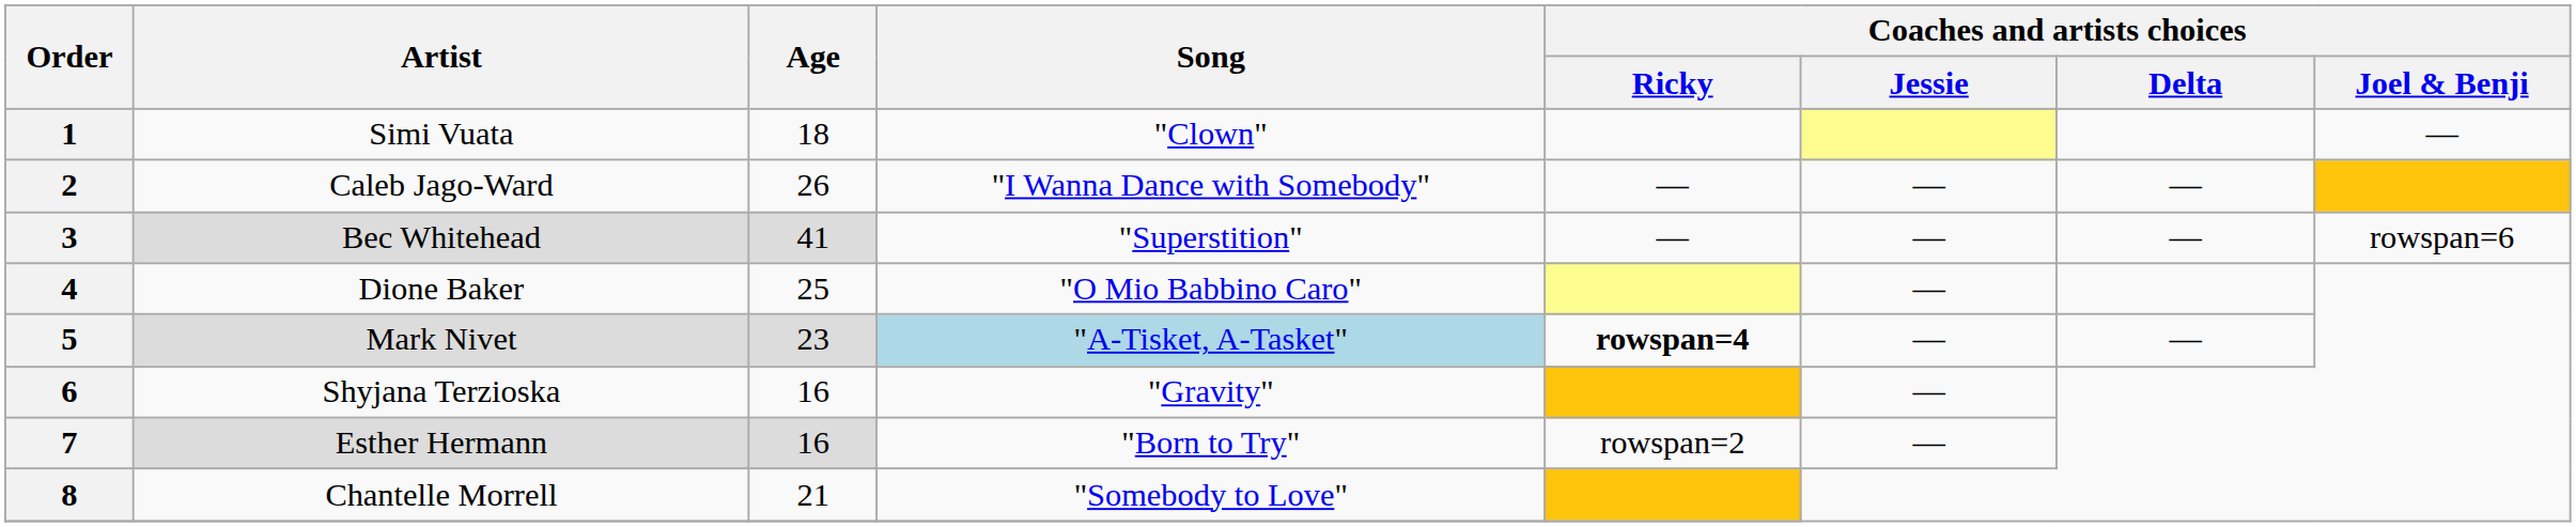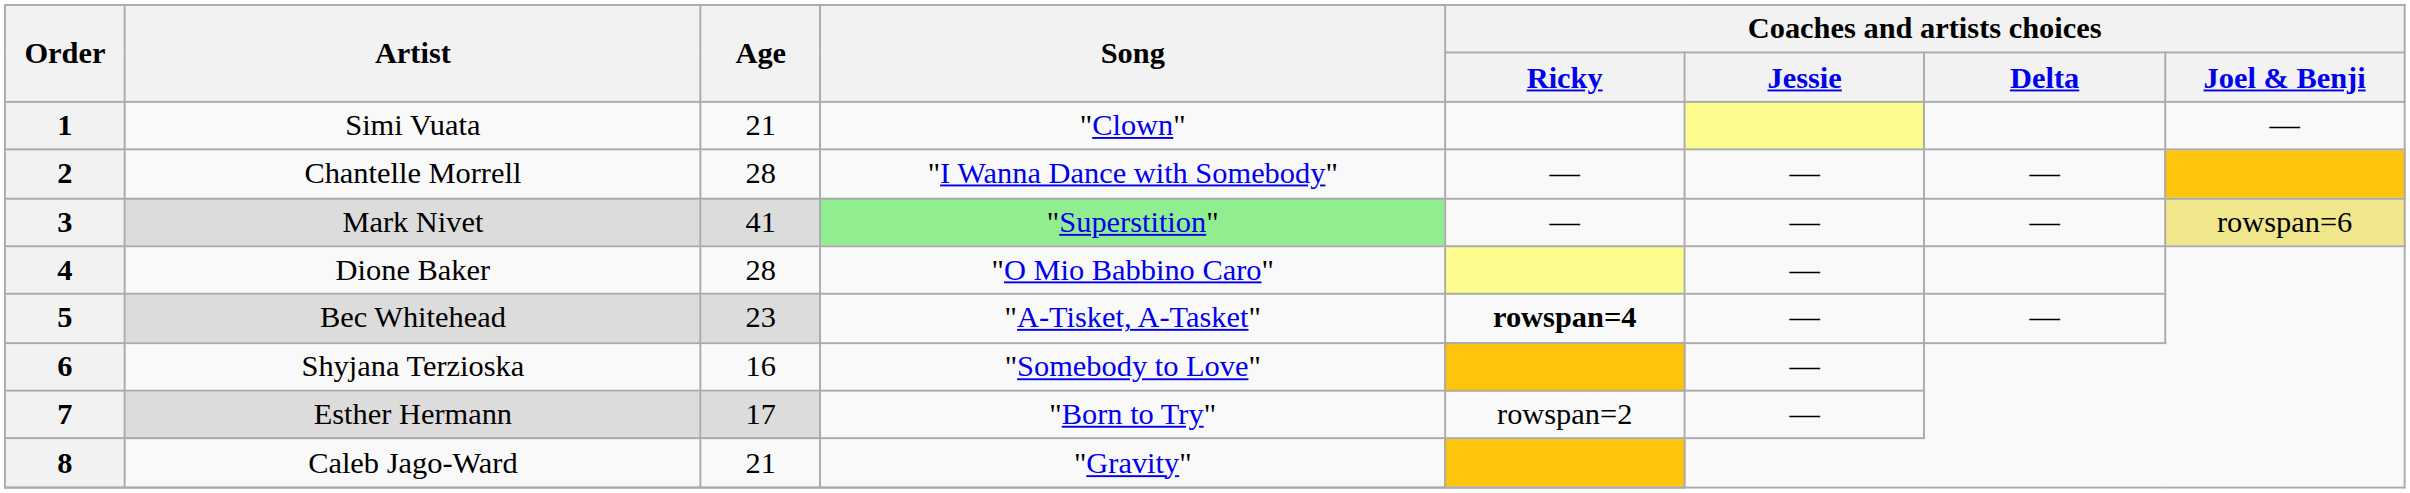 <table class="wikitable" style="text-align:center; width:100%;">
 <tr>
 <th scope="col" rowspan="2" style="width:05%;">Order</th>
 <th scope="col" rowspan="2" style="width:24%;">Artist</th>
 <th scope="col" rowspan="2" style="width:05%;">Age</th>
 <th scope="col" rowspan="2" style="width:26%;">Song</th>
 <th colspan="4" style="width:40%;">Coaches and artists choices</th>
 </tr>
 <tr>
 <th style="width:10%;"><a href='#'>Ricky</a></th>
 <th style="width:10%;"><a href='#'>Jessie</a></th>
 <th style="width:10%;"><a href='#'>Delta</a></th>
 <th style="width:10%;"><a href='#'>Joel & Benji</a></th>
 </tr>
 <tr>
 <th scope="col">1</th>
 <td>Simi Vuata</td>
-<td>18</td>
+<td>21</td>
 <td>"<a href='#'>Clown</a>"</td>
 <td><strong></strong></td>
 <td style="background:#FDFC8F;"><strong></strong></td>
 <td><strong></strong></td>
 <td>—</td>
 </tr>
 <tr>
 <th scope="col">2</th>
-<td>Caleb Jago-Ward</td>
-<td>26</td>
+<td>Chantelle Morrell</td>
+<td>28</td>
 <td>"<a href='#'>I Wanna Dance with Somebody</a>"</td>
 <td>—</td>
 <td>—</td>
 <td>—</td>
 <td style="background:#FFC40C;"><strong></strong></td>
 </tr>
 <tr>
 <th scope="col">3</th>
-<td style="background:#DCDCDC;">Bec Whitehead</td>
+<td style="background:#DCDCDC;">Mark Nivet</td>
 <td style="background:#DCDCDC;">41</td>
-<td>"<a href='#'>Superstition</a>"</td>
+<td style="background: lightgreen;">"<a href='#'>Superstition</a>"</td>
 <td>—</td>
 <td>—</td>
 <td>—</td>
-<td>rowspan=6 </td>
+<td style="background: khaki;">rowspan=6 </td>
 </tr>
 <tr>
 <th scope="col">4</th>
 <td>Dione Baker</td>
-<td>25</td>
+<td>28</td>
 <td>"<a href='#'>O Mio Babbino Caro</a>"</td>
 <td style="background:#FDFC8F;"><strong></strong></td>
 <td>—</td>
 <td><strong></strong></td>
 </tr>
 <tr>
 <th scope="col">5</th>
-<td style="background:#DCDCDC;">Mark Nivet</td>
+<td style="background:#DCDCDC;">Bec Whitehead</td>
 <td style="background:#DCDCDC;">23</td>
-<td style="background: lightblue;">"<a href='#'>A-Tisket, A-Tasket</a>"</td>
+<td>"<a href='#'>A-Tisket, A-Tasket</a>"</td>
 <td><strong>rowspan=4 </strong></td>
 <td>—</td>
 <td>—</td>
 </tr>
 <tr>
 <th scope="col">6</th>
 <td>Shyjana Terzioska</td>
 <td>16</td>
-<td>"<a href='#'>Gravity</a>"</td>
+<td>"<a href='#'>Somebody to Love</a>"</td>
 <td style="background:#FFC40C;"><strong></strong></td>
 <td>—</td>
 </tr>
 <tr>
 <th scope="col">7</th>
 <td style="background:#DCDCDC;">Esther Hermann</td>
-<td style="background:#DCDCDC;">16</td>
+<td style="background:#DCDCDC;">17</td>
 <td>"<a href='#'>Born to Try</a>"</td>
 <td>rowspan=2 </td>
 <td>—</td>
 </tr>
 <tr>
 <th scope="col">8</th>
-<td>Chantelle Morrell</td>
+<td>Caleb Jago-Ward</td>
 <td>21</td>
-<td>"<a href='#'>Somebody to Love</a>"</td>
+<td>"<a href='#'>Gravity</a>"</td>
 <td style="background:#FFC40C;"><strong></strong></td>
 </tr>
 <tr>
 </tr>
 </table>
